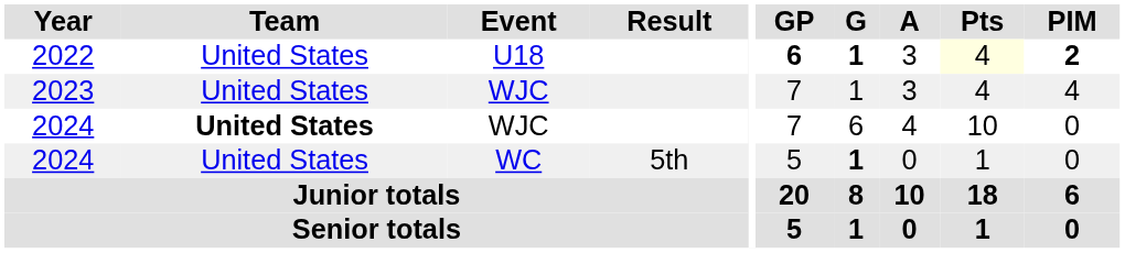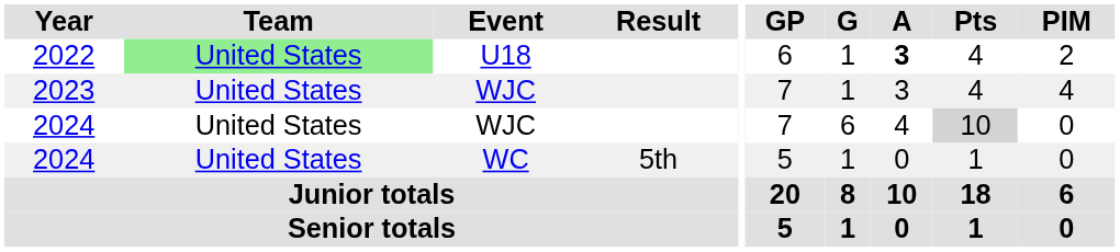 <table border="0" cellpadding="1" cellspacing="0" ID="Table3" style="text-align:center; width:40em;">
 <tr bgcolor="#e0e0e0">
 <th>Year</th>
 <th>Team</th>
 <th>Event</th>
 <th>Result</th>
 <th rowspan="98" bgcolor="#ffffff"></th>
 <th>GP</th>
 <th>G</th>
 <th>A</th>
 <th>Pts</th>
 <th>PIM</th>
 </tr>
 <tr>
 <td><a href='#'>2022</a></td>
-<td><a href='#'>United States</a></td>
+<td style="background: lightgreen;"><a href='#'>United States</a></td>
 <td><a href='#'>U18</a></td>
 <td></td>
-<td><strong>6</strong></td>
-<td><strong>1</strong></td>
-<td>3</td>
-<td style="background: lightyellow;">4</td>
-<td><strong>2</strong></td>
+<td>6</td>
+<td>1</td>
+<td><strong>3</strong></td>
+<td>4</td>
+<td>2</td>
 </tr>
 <tr bgcolor="#f0f0f0">
 <td><a href='#'>2023</a></td>
 <td><a href='#'>United States</a></td>
 <td><a href='#'>WJC</a></td>
 <td></td>
 <td>7</td>
 <td>1</td>
 <td>3</td>
 <td>4</td>
 <td>4</td>
 </tr>
 <tr>
 <td><a href='#'>2024</a></td>
-<td><strong>United States</strong></td>
+<td>United States</td>
 <td>WJC</td>
 <td></td>
 <td>7</td>
 <td>6</td>
 <td>4</td>
-<td>10</td>
+<td style="background: lightgrey;">10</td>
 <td>0</td>
 </tr>
 <tr bgcolor="#f0f0f0">
 <td><a href='#'>2024</a></td>
 <td><a href='#'>United States</a></td>
 <td><a href='#'>WC</a></td>
 <td>5th</td>
 <td>5</td>
-<td><strong>1</strong></td>
+<td>1</td>
 <td>0</td>
 <td>1</td>
 <td>0</td>
 </tr>
 <tr bgcolor="#e0e0e0">
 <th colspan="4">Junior totals</th>
 <th>20</th>
 <th>8</th>
 <th>10</th>
 <th>18</th>
 <th>6</th>
 </tr>
 <tr bgcolor="#e0e0e0">
 <th colspan="4">Senior totals</th>
 <th>5</th>
 <th>1</th>
 <th>0</th>
 <th>1</th>
 <th>0</th>
 </tr>
 </table>
